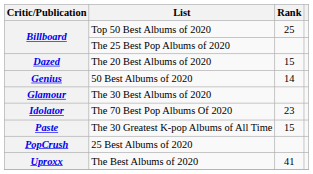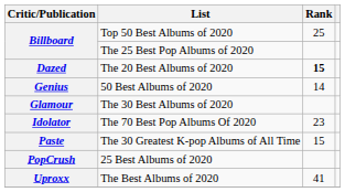 <table class="wikitable plainrowheaders sortable">
 <tr>
 <th>Critic/Publication</th>
 <th scope="col" class="unsortable">List</th>
 <th data-sort-type="number">Rank</th>
 <th scope="col" class="unsortable"></th>
 </tr>
 <tr>
 <th scope="row" rowspan="2"><em><a href='#'>Billboard</a></em></th>
 <td>Top 50 Best Albums of 2020</td>
 <td style="text-align:center;">25</td>
 <td style="text-align:center;"></td>
 </tr>
 <tr>
 <td>The 25 Best Pop Albums of 2020</td>
 <td></td>
 <td style="text-align:center;"></td>
 </tr>
 <tr>
 <th scope="row"><em><a href='#'>Dazed</a></em></th>
 <td>The 20 Best Albums of 2020</td>
-<td style="text-align:center;">15</td>
+<td style="text-align:center;"><strong>15</strong></td>
 <td style="text-align:center;"></td>
 </tr>
 <tr>
 <th scope="row"><em><a href='#'>Genius</a></em></th>
 <td>50 Best Albums of 2020</td>
 <td style="text-align:center;">14</td>
 <td style="text-align:center;"></td>
 </tr>
 <tr>
 <th scope="row"><em><a href='#'>Glamour</a></em></th>
 <td>The 30 Best Albums of 2020</td>
 <td></td>
 <td style="text-align:center;"></td>
 </tr>
 <tr>
 <th scope="row"><em><a href='#'>Idolator</a></em></th>
 <td>The 70 Best Pop Albums Of 2020</td>
 <td style="text-align:center;">23</td>
 <td style="text-align:center;"></td>
 </tr>
 <tr>
 <th scope="row"><em><a href='#'>Paste</a></em></th>
 <td>The 30 Greatest K-pop Albums of All Time</td>
 <td style="text-align:center;">15</td>
 <td style="text-align:center;"></td>
 </tr>
 <tr>
 <th scope="row"><em><a href='#'>PopCrush</a></em></th>
 <td>25 Best Albums of 2020</td>
 <td></td>
 <td style="text-align:center;"></td>
 </tr>
 <tr>
 <th scope="row"><em><a href='#'>Uproxx</a></em></th>
 <td>The Best Albums of 2020</td>
 <td style="text-align:center;">41</td>
 <td style="text-align:center;"></td>
 </tr>
 <tr>
 </tr>
 </table>
